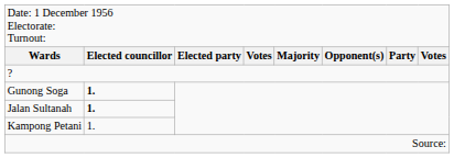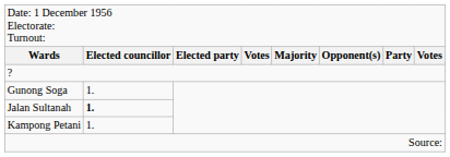 <table class=wikitable>
 <tr>
 <td colspan=8>Date: 1 December 1956<br>Electorate: <br>Turnout:</td>
 </tr>
 <tr>
 <th>Wards</th>
 <th>Elected councillor</th>
 <th>Elected party</th>
 <th>Votes</th>
 <th>Majority</th>
 <th>Opponent(s)</th>
 <th>Party</th>
 <th>Votes</th>
 </tr>
 <tr>
 <td colspan=8>? </td>
 </tr>
 <tr>
 <td>Gunong Soga</td>
-<td><strong>1.</strong></td>
+<td>1.</td>
 </tr>
 <tr>
 <td>Jalan Sultanah</td>
 <td><strong>1.</strong></td>
 </tr>
 <tr>
 <td>Kampong Petani</td>
 <td>1.</td>
 </tr>
 <tr>
 <td colspan=8 align=right>Source: </td>
 </tr>
 </table>
